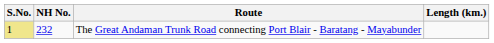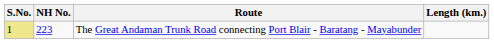 <table class="wikitable">
 <tr>
 <th>S.No.</th>
 <th>NH No.</th>
 <th>Route</th>
 <th>Length (km.)</th>
 </tr>
 <tr>
 <td style="background: khaki;">1</td>
-<td><a href='#'>232</a></td>
+<td><a href='#'>223</a></td>
 <td>The <a href='#'>Great Andaman Trunk Road</a> connecting <a href='#'>Port Blair</a> - <a href='#'>Baratang</a> - <a href='#'>Mayabunder</a></td>
 <td></td>
 </tr>
 </table>
